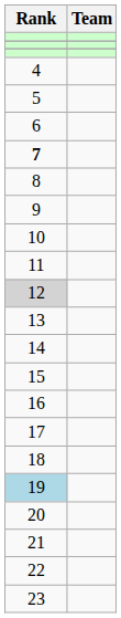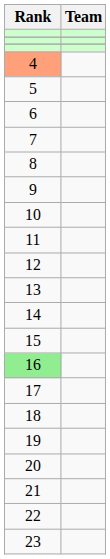 <table class="wikitable" style="text-align: center">
 <tr>
 <th width=50>Rank</th>
 <th>Team</th>
 </tr>
 <tr bgcolor=ccffcc>
 <td></td>
 <td align=left></td>
 </tr>
 <tr>
 </tr>
 <tr bgcolor=ccffcc>
 <td></td>
 <td align=left></td>
 </tr>
 <tr>
 </tr>
 <tr bgcolor=ccffcc>
 <td></td>
 <td align=left></td>
 </tr>
 <tr>
-<td>4</td>
+<td style="background: lightsalmon;">4</td>
 <td align=left></td>
 </tr>
 <tr>
 <td>5</td>
 <td align=left></td>
 </tr>
 <tr>
 <td>6</td>
 <td align=left></td>
 </tr>
 <tr>
-<td><strong>7</strong></td>
+<td>7</td>
 <td align=left></td>
 </tr>
 <tr>
 <td>8</td>
 <td align=left></td>
 </tr>
 <tr>
 <td>9</td>
 <td align=left></td>
 </tr>
 <tr>
 <td>10</td>
 <td align=left></td>
 </tr>
 <tr>
 <td>11</td>
 <td align=left></td>
 </tr>
 <tr>
-<td style="background: lightgrey;">12</td>
+<td>12</td>
 <td align=left></td>
 </tr>
 <tr>
 <td>13</td>
 <td align=left></td>
 </tr>
 <tr>
 <td>14</td>
 <td align=left></td>
 </tr>
 <tr>
 <td>15</td>
 <td align=left></td>
 </tr>
 <tr>
-<td>16</td>
+<td style="background: lightgreen;">16</td>
 <td align=left></td>
 </tr>
 <tr>
 <td>17</td>
 <td align=left></td>
 </tr>
 <tr>
 <td>18</td>
 <td align=left></td>
 </tr>
 <tr>
-<td style="background: lightblue;">19</td>
+<td>19</td>
 <td align=left></td>
 </tr>
 <tr>
 <td>20</td>
 <td align=left></td>
 </tr>
 <tr>
 <td>21</td>
 <td align=left></td>
 </tr>
 <tr>
 <td>22</td>
 <td align=left></td>
 </tr>
 <tr>
 <td>23</td>
 <td align=left></td>
 </tr>
 </table>
